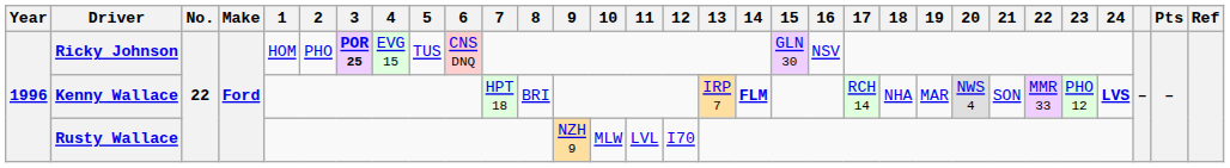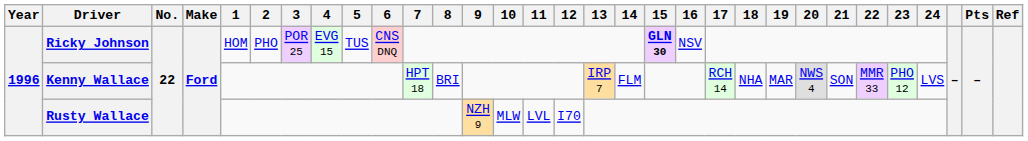 <table class="wikitable" style="text-align:center; font-size:75%">
 <tr>
 <th>Year</th>
 <th>Driver</th>
 <th>No.</th>
 <th>Make</th>
 <th>1</th>
 <th>2</th>
 <th>3</th>
 <th>4</th>
 <th>5</th>
 <th>6</th>
 <th>7</th>
 <th>8</th>
 <th>9</th>
 <th>10</th>
 <th>11</th>
 <th>12</th>
 <th>13</th>
 <th>14</th>
 <th>15</th>
 <th>16</th>
 <th>17</th>
 <th>18</th>
 <th>19</th>
 <th>20</th>
 <th>21</th>
 <th>22</th>
 <th>23</th>
 <th>24</th>
 <th></th>
 <th>Pts</th>
 <th>Ref</th>
 </tr>
 <tr>
 <th rowspan=3><a href='#'>1996</a></th>
 <th><a href='#'>Ricky Johnson</a></th>
 <th rowspan=3>22</th>
 <th rowspan=3><a href='#'>Ford</a></th>
 <td><a href='#'>HOM</a></td>
 <td><a href='#'>PHO</a></td>
-<td style="background:#EFCFFF;"><strong><a href='#'>POR</a><br><small>25</small></strong></td>
+<td style="background:#EFCFFF;"><a href='#'>POR</a><br><small>25</small></td>
 <td style="background:#DFFFDF;"><a href='#'>EVG</a><br><small>15</small></td>
 <td><a href='#'>TUS</a></td>
 <td style="background:#FFCFCF;"><a href='#'>CNS</a><br><small>DNQ</small></td>
 <td colspan=8></td>
-<td style="background:#EFCFFF;"><a href='#'>GLN</a><br><small>30</small></td>
+<td style="background:#EFCFFF;"><strong><a href='#'>GLN</a><br><small>30</small></strong></td>
 <td><a href='#'>NSV</a></td>
 <td colspan=8></td>
 <th rowspan=3>–</th>
 <th rowspan=3>–</th>
 <th rowspan=3></th>
 </tr>
 <tr>
 <th><a href='#'>Kenny Wallace</a></th>
 <td colspan=6></td>
 <td style="background:#DFFFDF;"><a href='#'>HPT</a><br><small>18</small></td>
 <td><a href='#'>BRI</a></td>
 <td colspan=4></td>
 <td style="background:#FFDF9F;"><a href='#'>IRP</a><br><small>7</small></td>
-<td><strong><a href='#'>FLM</a></strong></td>
+<td><a href='#'>FLM</a></td>
 <td colspan=2></td>
 <td style="background:#DFFFDF;"><a href='#'>RCH</a><br><small>14</small></td>
 <td><a href='#'>NHA</a></td>
 <td><a href='#'>MAR</a></td>
 <td style="background:#DFDFDF;"><a href='#'>NWS</a><br><small>4</small></td>
 <td><a href='#'>SON</a></td>
 <td style="background:#EFCFFF;"><a href='#'>MMR</a><br><small>33</small></td>
 <td style="background:#DFFFDF;"><a href='#'>PHO</a><br><small>12</small></td>
-<td><strong><a href='#'>LVS</a></strong></td>
+<td><a href='#'>LVS</a></td>
 </tr>
 <tr>
 <th><a href='#'>Rusty Wallace</a></th>
 <td colspan=8></td>
 <td style="background:#FFDF9F;"><a href='#'>NZH</a><br><small>9</small></td>
 <td><a href='#'>MLW</a></td>
 <td><a href='#'>LVL</a></td>
 <td><a href='#'>I70</a></td>
 <td colspan=12></td>
 </tr>
 </table>
